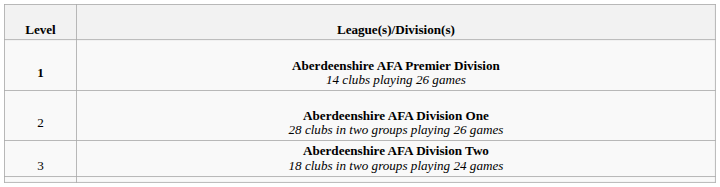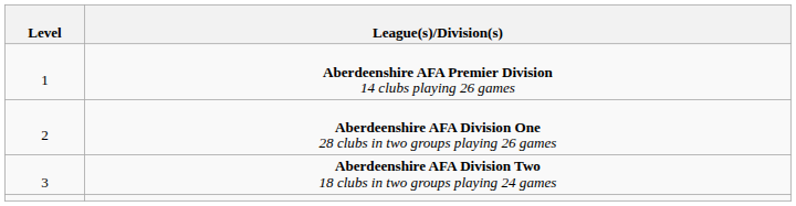 <table class="wikitable" style="text-align: center;">
 <tr>
 <th colspan="1" width="4%"><br>Level</th>
 <th colspan="3" width="40%"><br>League(s)/Division(s)</th>
 </tr>
 <tr>
-<td colspan="1" width="4%"><strong><br>1</strong></td>
+<td colspan="1" width="4%"><br>1</td>
 <td colspan="4" width="40%"><br><strong>Aberdeenshire AFA Premier Division</strong><br> <em>14 clubs playing 26 games</em></td>
 </tr>
 <tr>
 <td colspan="1" width="4%"><br>2</td>
 <td colspan="3" width="40%"><br><strong>Aberdeenshire AFA Division One</strong><br><em>28 clubs in two groups playing 26 games</em></td>
 </tr>
 <tr>
 <td colspan="1" width="4%"><br>3</td>
 <td colspan="3" width="40%"><strong>Aberdeenshire AFA Division Two</strong><br><em>18 clubs in two groups playing 24 games</em></td>
 </tr>
 <tr>
 <td colspan="1" width="4%"></td>
 </tr>
 </table>
